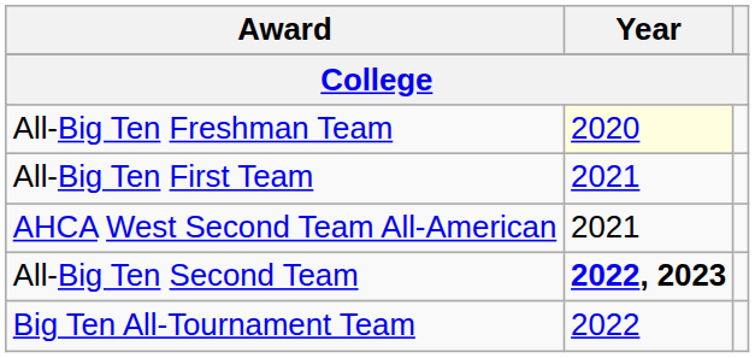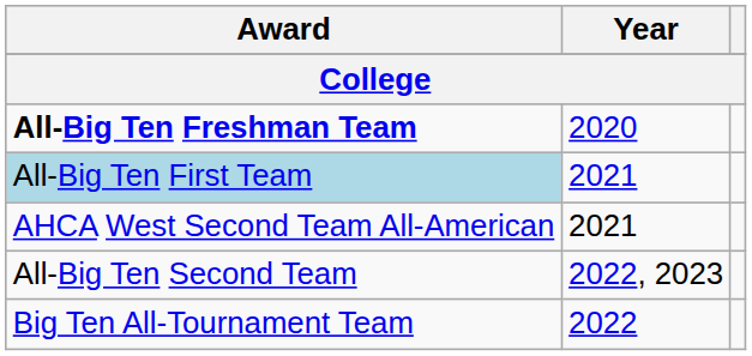 <table class="wikitable">
 <tr>
 <th>Award</th>
 <th>Year</th>
 <th></th>
 </tr>
 <tr ALIGN="center" bgcolor="#e0e0e0">
 </tr>
 <tr ALIGN="center" bgcolor="#e0e0e0">
 <th colspan="3"><a href='#'>College</a></th>
 </tr>
 <tr>
-<td>All-<a href='#'>Big Ten</a> <a href='#'>Freshman Team</a></td>
-<td style="background: lightyellow;"><a href='#'>2020</a></td>
+<td><strong>All-<a href='#'>Big Ten</a> <a href='#'>Freshman Team</a></strong></td>
+<td><a href='#'>2020</a></td>
 <td></td>
 </tr>
 <tr>
-<td>All-<a href='#'>Big Ten</a> <a href='#'>First Team</a></td>
+<td style="background: lightblue;">All-<a href='#'>Big Ten</a> <a href='#'>First Team</a></td>
 <td><a href='#'>2021</a></td>
 <td></td>
 </tr>
 <tr>
 <td><a href='#'>AHCA</a> <a href='#'>West Second Team All-American</a></td>
 <td>2021</td>
 <td></td>
 </tr>
 <tr>
 <td>All-<a href='#'>Big Ten</a> <a href='#'>Second Team</a></td>
-<td><strong><a href='#'>2022</a>, 2023</strong></td>
+<td><a href='#'>2022</a>, 2023</td>
 <td></td>
 </tr>
 <tr>
 <td><a href='#'>Big Ten All-Tournament Team</a></td>
 <td><a href='#'>2022</a></td>
 <td></td>
 </tr>
 </table>
